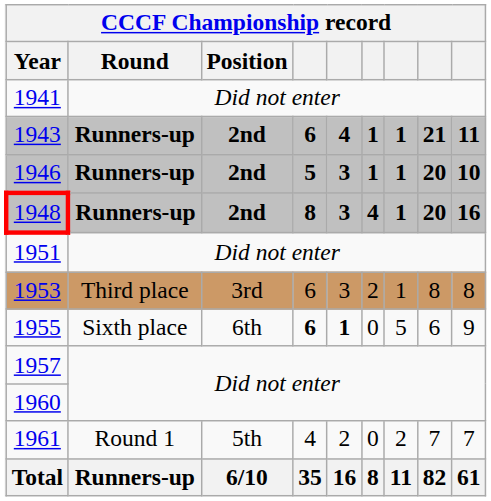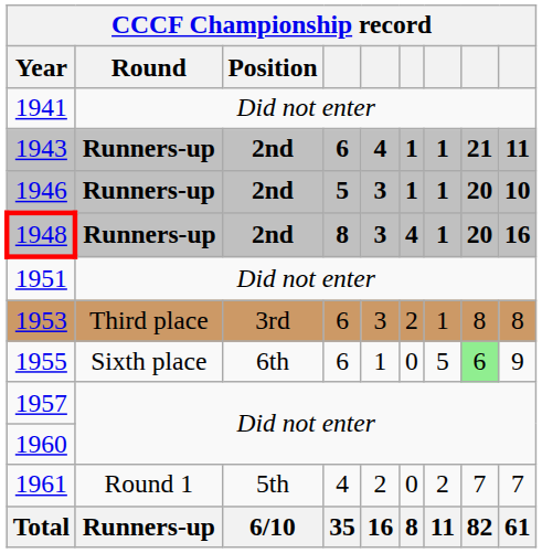 <table class="wikitable" style="text-align: center;">
 <tr>
 <th colspan=10><a href='#'>CCCF Championship</a> record</th>
 </tr>
 <tr>
 <th>Year</th>
 <th>Round</th>
 <th>Position</th>
 <th></th>
 <th></th>
 <th></th>
 <th></th>
 <th></th>
 <th></th>
 </tr>
 <tr>
 <td> <a href='#'>1941</a></td>
 <td colspan=8><em>Did not enter</em></td>
 </tr>
 <tr style="background:silver;">
 <td> <a href='#'>1943</a></td>
 <td><strong>Runners-up</strong></td>
 <td><strong>2nd</strong></td>
 <td><strong>6</strong></td>
 <td><strong>4</strong></td>
 <td><strong>1</strong></td>
 <td><strong>1</strong></td>
 <td><strong>21</strong></td>
 <td><strong>11</strong></td>
 </tr>
 <tr style="background:silver;">
 <td> <a href='#'>1946</a></td>
 <td><strong>Runners-up</strong></td>
 <td><strong>2nd</strong></td>
 <td><strong>5</strong></td>
 <td><strong>3</strong></td>
 <td><strong>1</strong></td>
 <td><strong>1</strong></td>
 <td><strong>20</strong></td>
 <td><strong>10</strong></td>
 </tr>
 <tr style="background:silver;">
 <td style="border: 3px solid red"> <a href='#'>1948</a></td>
 <td><strong>Runners-up</strong></td>
 <td><strong>2nd</strong></td>
 <td><strong>8</strong></td>
 <td><strong>3</strong></td>
 <td><strong>4</strong></td>
 <td><strong>1</strong></td>
 <td><strong>20</strong></td>
 <td><strong>16</strong></td>
 </tr>
 <tr>
 <td> <a href='#'>1951</a></td>
 <td colspan=8><em>Did not enter</em></td>
 </tr>
 <tr style="background:#cc9966">
 <td> <a href='#'>1953</a></td>
 <td>Third place</td>
 <td>3rd</td>
 <td>6</td>
 <td>3</td>
 <td>2</td>
 <td>1</td>
 <td>8</td>
 <td>8</td>
 </tr>
 <tr>
 <td> <a href='#'>1955</a></td>
 <td>Sixth place</td>
 <td>6th</td>
-<td><strong>6</strong></td>
-<td><strong>1</strong></td>
+<td>6</td>
+<td>1</td>
 <td>0</td>
 <td>5</td>
-<td>6</td>
+<td style="background: lightgreen;">6</td>
 <td>9</td>
 </tr>
 <tr>
 <td> <a href='#'>1957</a></td>
 <td colspan=9 rowspan=2><em>Did not enter</em></td>
 </tr>
 <tr>
 <td> <a href='#'>1960</a></td>
 </tr>
 <tr>
 <td> <a href='#'>1961</a></td>
 <td>Round 1</td>
 <td>5th</td>
 <td>4</td>
 <td>2</td>
 <td>0</td>
 <td>2</td>
 <td>7</td>
 <td>7</td>
 </tr>
 <tr>
 <th>Total</th>
 <th>Runners-up</th>
 <th>6/10</th>
 <th>35</th>
 <th>16</th>
 <th>8</th>
 <th>11</th>
 <th>82</th>
 <th>61</th>
 </tr>
 </table>
